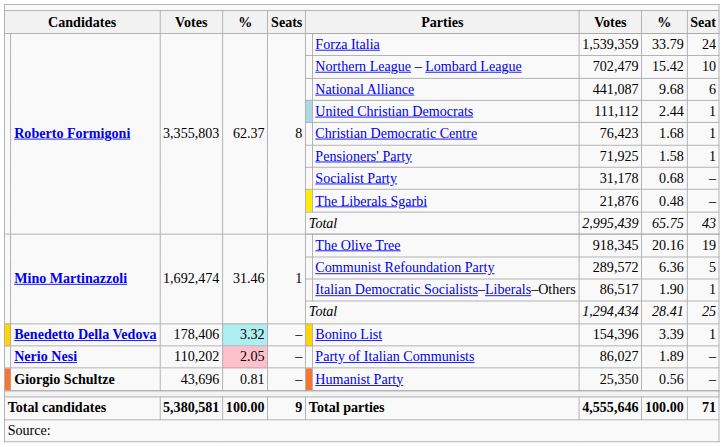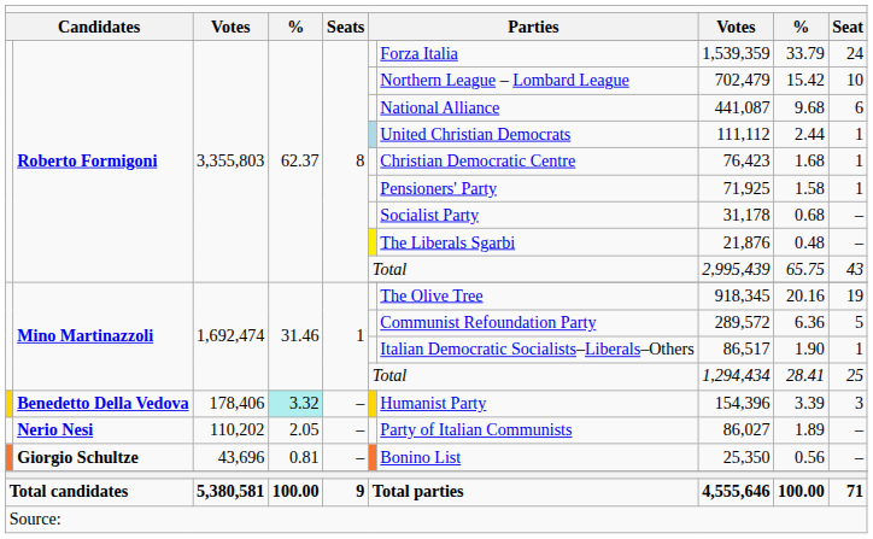 <table class="wikitable">
 <tr>
 <td colspan=10></td>
 </tr>
 <tr>
 <th colspan=2>Candidates</th>
 <th>Votes</th>
 <th>%</th>
 <th>Seats</th>
 <th colspan=2>Parties</th>
 <th>Votes</th>
 <th>%</th>
 <th>Seat</th>
 </tr>
 <tr>
 <td rowspan=10></td>
 <td rowspan=10><strong><a href='#'>Roberto Formigoni</a></strong></td>
 <td rowspan=10 align=right>3,355,803</td>
 <td rowspan=10 align=right>62.37</td>
 <td rowspan=10 align=right>8</td>
 </tr>
 <tr>
 <td></td>
 <td align="left"><a href='#'>Forza Italia</a></td>
 <td align=right>1,539,359</td>
 <td align=right>33.79</td>
 <td align=right>24</td>
 </tr>
 <tr>
 <td></td>
 <td align="left"><a href='#'>Northern League</a> – <a href='#'>Lombard League</a></td>
 <td align=right>702,479</td>
 <td align=right>15.42</td>
 <td align=right>10</td>
 </tr>
 <tr>
 <td></td>
 <td align="left"><a href='#'>National Alliance</a></td>
 <td align=right>441,087</td>
 <td align=right>9.68</td>
 <td align=right>6</td>
 </tr>
 <tr>
 <td bgcolor="lightblue"></td>
 <td align="left"><a href='#'>United Christian Democrats</a></td>
 <td align=right>111,112</td>
 <td align=right>2.44</td>
 <td align=right>1</td>
 </tr>
 <tr>
 <td></td>
 <td align="left"><a href='#'>Christian Democratic Centre</a></td>
 <td align=right>76,423</td>
 <td align=right>1.68</td>
 <td align=right>1</td>
 </tr>
 <tr>
 <td></td>
 <td align="left"><a href='#'>Pensioners' Party</a></td>
 <td align=right>71,925</td>
 <td align=right>1.58</td>
 <td align=right>1</td>
 </tr>
 <tr>
 <td></td>
 <td align="left"><a href='#'>Socialist Party</a></td>
 <td align=right>31,178</td>
 <td align=right>0.68</td>
 <td align=right>–</td>
 </tr>
 <tr>
 <td bgcolor="#FDEE00"></td>
 <td align="left"><a href='#'>The Liberals Sgarbi</a></td>
 <td align=right>21,876</td>
 <td align=right>0.48</td>
 <td align=right>–</td>
 </tr>
 <tr>
 <td colspan=2><em>Total</em></td>
 <td align=right><em>2,995,439</em></td>
 <td align=right><em>65.75</em></td>
 <td align=right><em>43</em></td>
 </tr>
 <tr>
 <td rowspan=5></td>
 <td rowspan=5><strong><a href='#'>Mino Martinazzoli</a></strong></td>
 <td rowspan=5 align=right>1,692,474</td>
 <td rowspan=5 align=right>31.46</td>
 <td rowspan=5 align=right>1</td>
 </tr>
 <tr>
 <td></td>
 <td align="left"><a href='#'>The Olive Tree</a></td>
 <td align=right>918,345</td>
 <td align=right>20.16</td>
 <td align=right>19</td>
 </tr>
 <tr>
 <td></td>
 <td align="left"><a href='#'>Communist Refoundation Party</a></td>
 <td align=right>289,572</td>
 <td align=right>6.36</td>
 <td align=right>5</td>
 </tr>
 <tr>
 <td></td>
 <td align="left"><a href='#'>Italian Democratic Socialists</a>–<a href='#'>Liberals</a>–Others</td>
 <td align=right>86,517</td>
 <td align=right>1.90</td>
 <td align=right>1</td>
 </tr>
 <tr>
 <td colspan=2><em>Total</em></td>
 <td align=right><em>1,294,434</em></td>
 <td align=right><em>28.41</em></td>
 <td align=right><em>25</em></td>
 </tr>
 <tr>
 <td bgcolor="gold"></td>
 <td><strong><a href='#'>Benedetto Della Vedova</a></strong></td>
 <td align=right>178,406</td>
 <td align=right style="background: paleturquoise;">3.32</td>
 <td align=right>–</td>
 <td bgcolor="gold"></td>
-<td align="left"><a href='#'>Bonino List</a></td>
+<td align="left"><a href='#'>Humanist Party</a></td>
 <td align=right>154,396</td>
 <td align=right>3.39</td>
-<td align=right>1</td>
+<td align=right>3</td>
 </tr>
 <tr>
 <td></td>
 <td><strong><a href='#'>Nerio Nesi</a></strong></td>
 <td align=right>110,202</td>
-<td align=right style="background: pink;">2.05</td>
+<td align=right>2.05</td>
 <td align=right>–</td>
 <td></td>
 <td align="left"><a href='#'>Party of Italian Communists</a></td>
 <td align=right>86,027</td>
 <td align=right>1.89</td>
 <td align=right>–</td>
 </tr>
 <tr>
 <td bgcolor="#F87431"></td>
 <td><strong>Giorgio Schultze</strong></td>
 <td align=right>43,696</td>
 <td align=right>0.81</td>
 <td align=right>–</td>
 <td bgcolor="#F87431"></td>
-<td align="left"><a href='#'>Humanist Party</a></td>
+<td align="left"><a href='#'>Bonino List</a></td>
 <td align=right>25,350</td>
 <td align=right>0.56</td>
 <td align=right>–</td>
 </tr>
 <tr>
 </tr>
 <tr>
 <th colspan=10></th>
 </tr>
 <tr>
 <td colspan=2><strong>Total candidates</strong></td>
 <td align=right><strong>5,380,581</strong></td>
 <td align=right><strong>100.00</strong></td>
 <td align=right><strong>9</strong></td>
 <td colspan=2><strong>Total parties</strong></td>
 <td align=right><strong>4,555,646</strong></td>
 <td align=right><strong>100.00</strong></td>
 <td align=right><strong>71</strong></td>
 </tr>
 <tr>
 <td colspan=10>Source: </td>
 </tr>
 </table>
